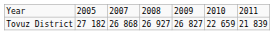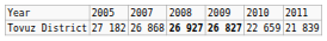 <table class="wikitable">
 <tr>
 <td>Year</td>
 <td>2005</td>
 <td>2007</td>
 <td>2008</td>
 <td>2009</td>
 <td>2010</td>
 <td>2011</td>
 </tr>
 <tr>
 <td>Tovuz District</td>
 <td>27 182</td>
 <td>26 868</td>
-<td>26 927</td>
-<td>26 827</td>
+<td><strong>26 927</strong></td>
+<td><strong>26 827</strong></td>
 <td>22 659</td>
 <td>21 839</td>
 </tr>
 </table>
